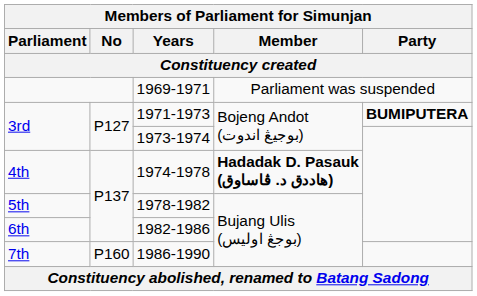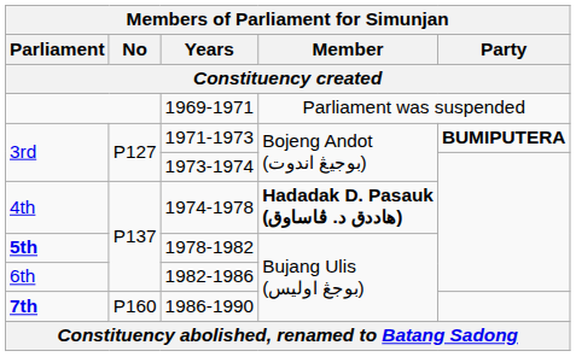 <table class=wikitable>
 <tr>
 <th colspan="5">Members of Parliament for Simunjan</th>
 </tr>
 <tr>
 <th>Parliament</th>
 <th>No</th>
 <th>Years</th>
 <th>Member</th>
 <th>Party</th>
 </tr>
 <tr>
 <th colspan="5" align="center"><em>Constituency created</em></th>
 </tr>
 <tr>
 <td colspan="2"></td>
 <td>1969-1971</td>
 <td colspan=2 align=center>Parliament was suspended</td>
 </tr>
 <tr>
 <td rowspan=2><a href='#'>3rd</a></td>
 <td rowspan="2">P127</td>
 <td>1971-1973</td>
 <td rowspan=2>Bojeng Andot  <br>(بوجيڠ اندوت)</td>
 <td><strong>BUMIPUTERA</strong></td>
 </tr>
 <tr>
 <td>1973-1974</td>
 <td rowspan="4"></td>
 </tr>
 <tr>
 <td><a href='#'>4th</a></td>
 <td rowspan="3">P137</td>
 <td>1974-1978</td>
 <td><strong>Hadadak D. Pasauk <br> (هاددق د. ڤاساوق)</strong></td>
 </tr>
 <tr>
-<td><a href='#'>5th</a></td>
+<td><strong><a href='#'>5th</a></strong></td>
 <td>1978-1982</td>
 <td rowspan=3>Bujang Ulis  <br>(بوجڠ اوليس)</td>
 </tr>
 <tr>
 <td><a href='#'>6th</a></td>
 <td>1982-1986</td>
 </tr>
 <tr>
-<td><a href='#'>7th</a></td>
+<td><strong><a href='#'>7th</a></strong></td>
 <td>P160</td>
 <td>1986-1990</td>
 <td></td>
 </tr>
 <tr>
 <th colspan="5" align="center"><em>Constituency abolished, renamed to <a href='#'>Batang Sadong</a></em></th>
 </tr>
 </table>
